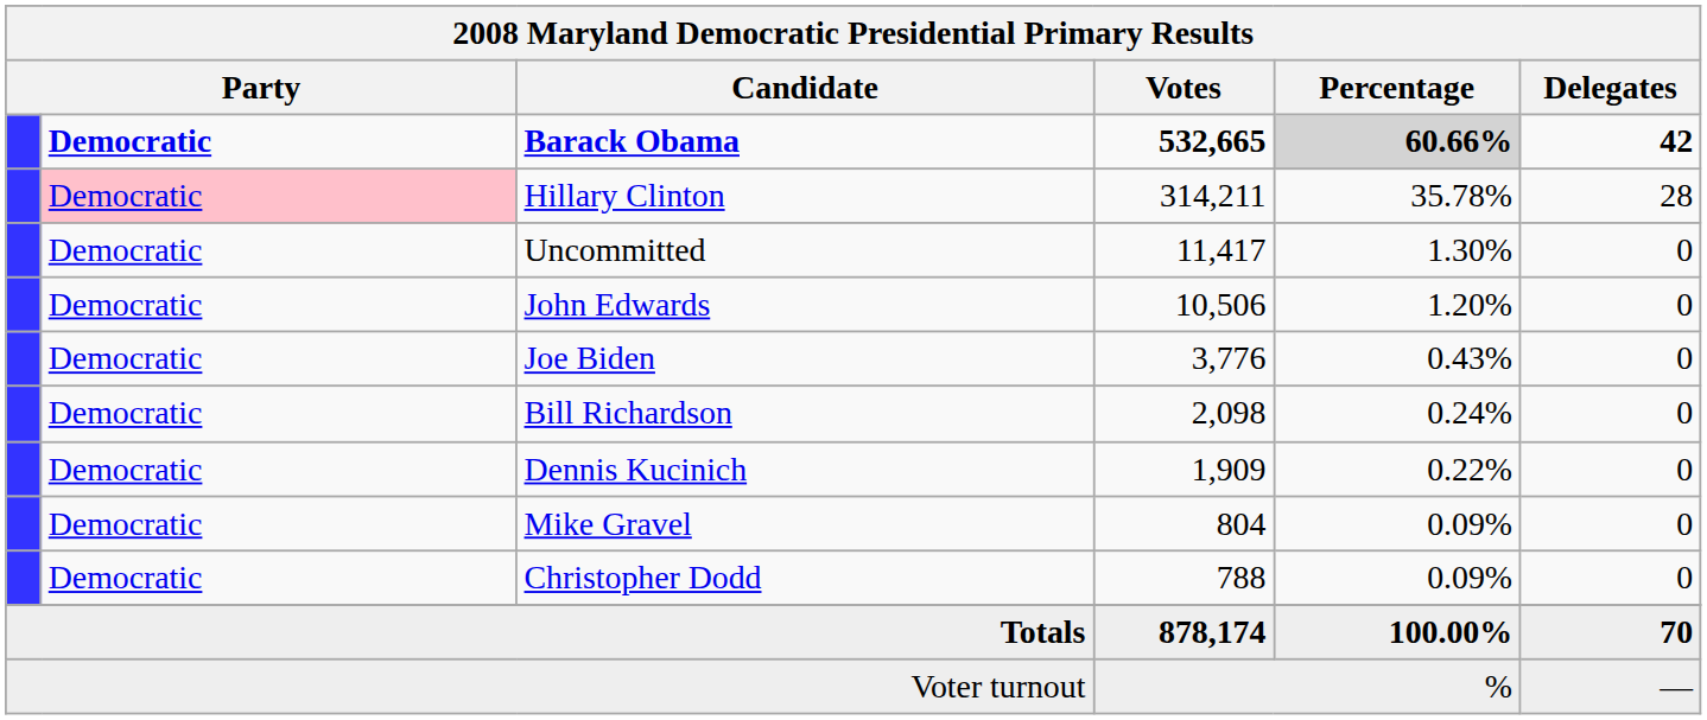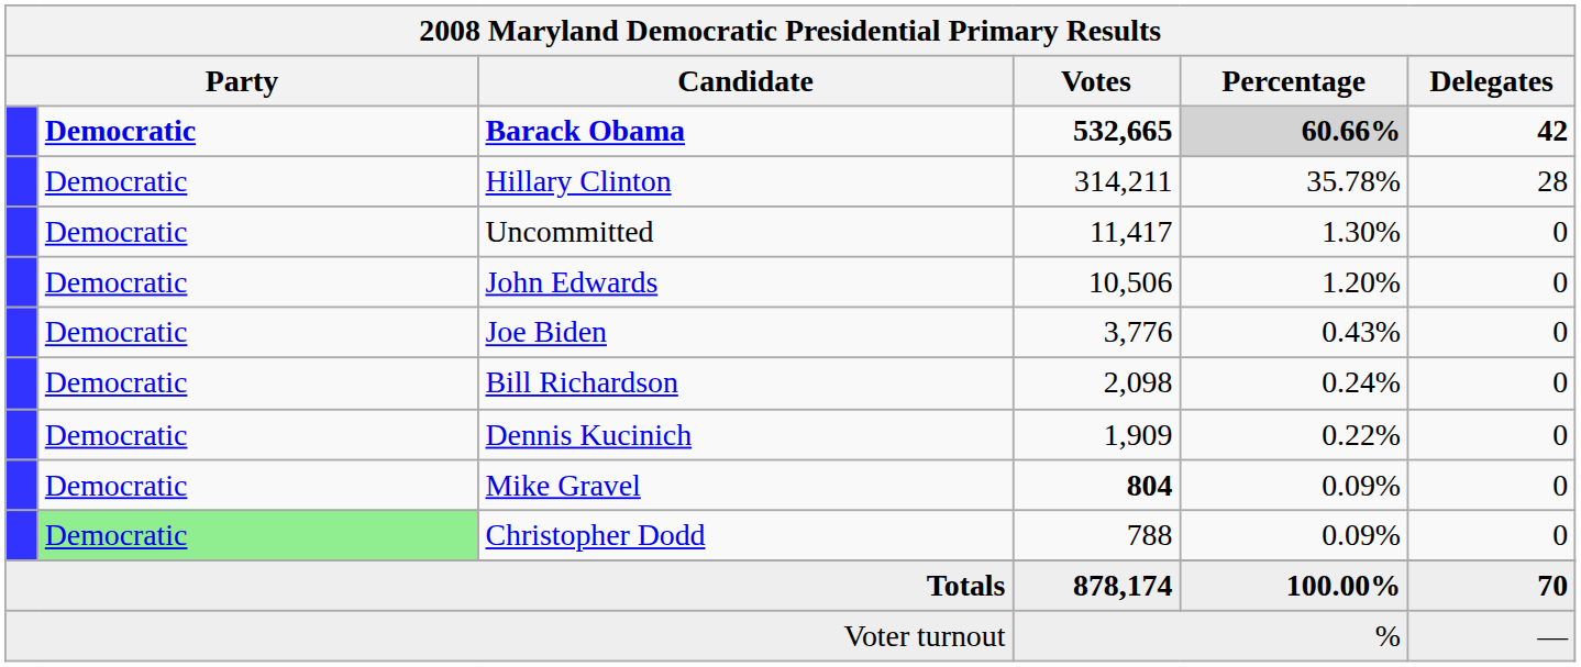 <table class="wikitable" style="font-size:95%;">
 <tr>
 <th colspan="7">2008 Maryland Democratic Presidential Primary Results</th>
 </tr>
 <tr>
 <th colspan="2" style="width: 15em">Party</th>
 <th style="width: 17em">Candidate</th>
 <th style="width: 5em">Votes</th>
 <th style="width: 7em">Percentage</th>
 <th style="width: 5em">Delegates</th>
 </tr>
 <tr>
 <th style="background-color:#3333FF; width: 3px"></th>
 <td style="width: 130px"><strong><a href='#'>Democratic</a></strong></td>
 <td><strong><a href='#'>Barack Obama</a></strong></td>
 <td align="right"><strong>532,665</strong></td>
 <td align="right" style="background: lightgrey;"><strong>60.66%</strong></td>
 <td align="right"><strong>42</strong></td>
 </tr>
 <tr>
 <th style="background-color:#3333FF; width: 3px"></th>
-<td style="background: pink; width: 130px"><a href='#'>Democratic</a></td>
+<td style="width: 130px"><a href='#'>Democratic</a></td>
 <td><a href='#'>Hillary Clinton</a></td>
 <td align="right">314,211</td>
 <td align="right">35.78%</td>
 <td align="right">28</td>
 </tr>
 <tr>
 <th style="background-color:#3333FF; width: 3px"></th>
 <td style="width: 130px"><a href='#'>Democratic</a></td>
 <td>Uncommitted</td>
 <td align="right">11,417</td>
 <td align="right">1.30%</td>
 <td align="right">0</td>
 </tr>
 <tr>
 <th style="background-color:#3333FF; width: 3px"></th>
 <td style="width: 130px"><a href='#'>Democratic</a></td>
 <td><a href='#'>John Edwards</a></td>
 <td align="right">10,506</td>
 <td align="right">1.20%</td>
 <td align="right">0</td>
 </tr>
 <tr>
 <th style="background-color:#3333FF; width: 3px"></th>
 <td style="width: 130px"><a href='#'>Democratic</a></td>
 <td><a href='#'>Joe Biden</a></td>
 <td align="right">3,776</td>
 <td align="right">0.43%</td>
 <td align="right">0</td>
 </tr>
 <tr>
 <th style="background-color:#3333FF; width: 3px"></th>
 <td style="width: 130px"><a href='#'>Democratic</a></td>
 <td><a href='#'>Bill Richardson</a></td>
 <td align="right">2,098</td>
 <td align="right">0.24%</td>
 <td align="right">0</td>
 </tr>
 <tr>
 <th style="background-color:#3333FF; width: 3px"></th>
 <td style="width: 130px"><a href='#'>Democratic</a></td>
 <td><a href='#'>Dennis Kucinich</a></td>
 <td align="right">1,909</td>
 <td align="right">0.22%</td>
 <td align="right">0</td>
 </tr>
 <tr>
 <th style="background-color:#3333FF; width: 3px"></th>
 <td style="width: 130px"><a href='#'>Democratic</a></td>
 <td><a href='#'>Mike Gravel</a></td>
-<td align="right">804</td>
+<td align="right"><strong>804</strong></td>
 <td align="right">0.09%</td>
 <td align="right">0</td>
 </tr>
 <tr>
 <th style="background-color:#3333FF; width: 3px"></th>
-<td style="width: 130px"><a href='#'>Democratic</a></td>
+<td style="background: lightgreen; width: 130px"><a href='#'>Democratic</a></td>
 <td><a href='#'>Christopher Dodd</a></td>
 <td align="right">788</td>
 <td align="right">0.09%</td>
 <td align="right">0</td>
 </tr>
 <tr>
 </tr>
 <tr bgcolor="#EEEEEE">
 <td colspan="3" align="right"><strong>Totals</strong></td>
 <td align="right"><strong>878,174</strong></td>
 <td align="right"><strong>100.00%</strong></td>
 <td align="right"><strong>70</strong></td>
 </tr>
 <tr bgcolor="#EEEEEE">
 <td colspan="3" align="right">Voter turnout</td>
 <td colspan="2" align="right">%</td>
 <td align="right">—</td>
 </tr>
 </table>
